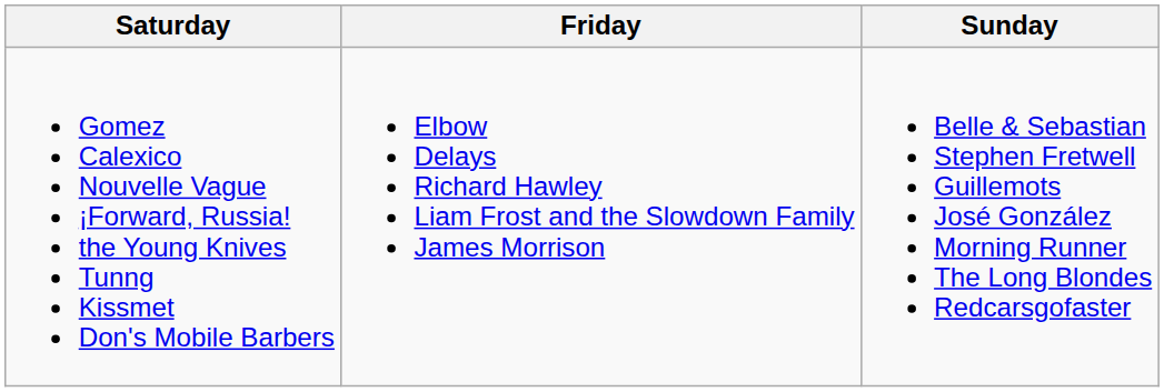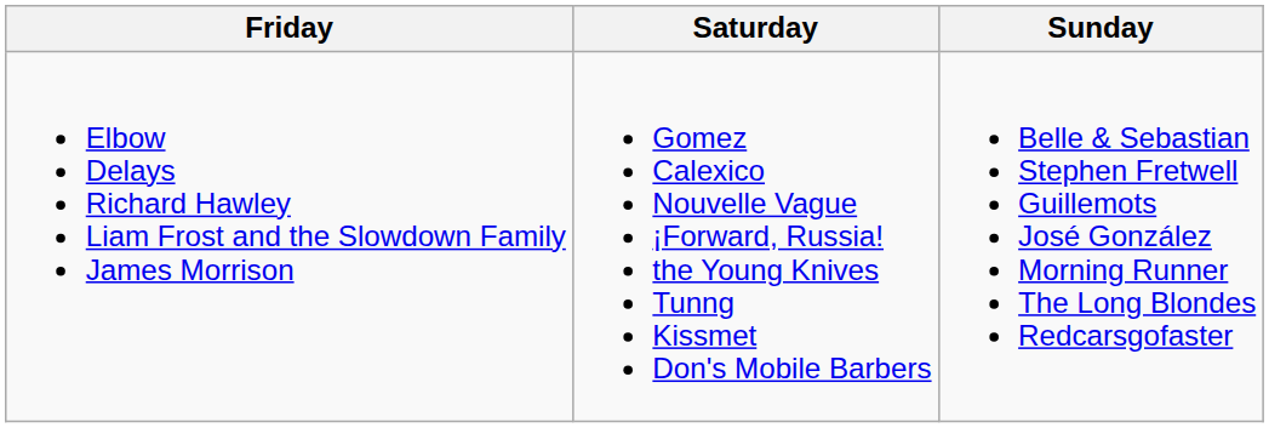 <table class="wikitable">
 <tr>
+<th>Friday</th>
 <th>Saturday</th>
-<th>Friday</th>
 <th>Sunday</th>
 </tr>
 <tr>
+<td valign=top><br><ul><li><a href='#'>Elbow</a></li><li><a href='#'>Delays</a></li><li><a href='#'>Richard Hawley</a></li><li><a href='#'>Liam Frost and the Slowdown Family</a></li><li><a href='#'>James Morrison</a></li></ul></td>
 <td valign=top><br><ul><li><a href='#'>Gomez</a></li><li><a href='#'>Calexico</a></li><li><a href='#'>Nouvelle Vague</a></li><li><a href='#'>¡Forward, Russia!</a></li><li><a href='#'>the Young Knives</a></li><li><a href='#'>Tunng</a></li><li><a href='#'>Kissmet</a></li><li><a href='#'>Don's Mobile Barbers</a></li></ul></td>
-<td valign=top><br><ul><li><a href='#'>Elbow</a></li><li><a href='#'>Delays</a></li><li><a href='#'>Richard Hawley</a></li><li><a href='#'>Liam Frost and the Slowdown Family</a></li><li><a href='#'>James Morrison</a></li></ul></td>
 <td valign=top><br><ul><li><a href='#'>Belle & Sebastian</a></li><li><a href='#'>Stephen Fretwell</a></li><li><a href='#'>Guillemots</a></li><li><a href='#'>José González</a></li><li><a href='#'>Morning Runner</a></li><li><a href='#'>The Long Blondes</a></li><li><a href='#'>Redcarsgofaster</a></li></ul></td>
 </tr>
 </table>
